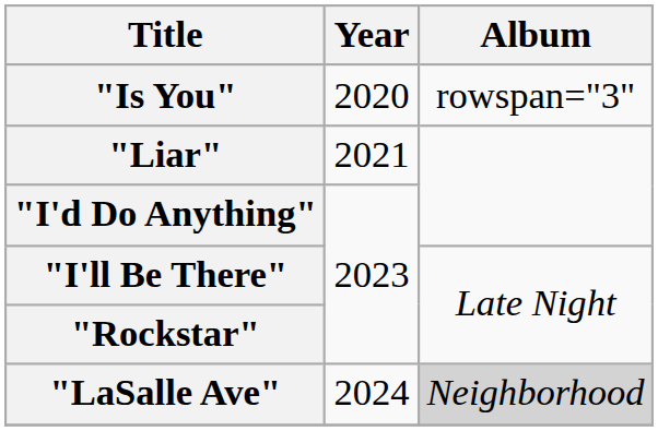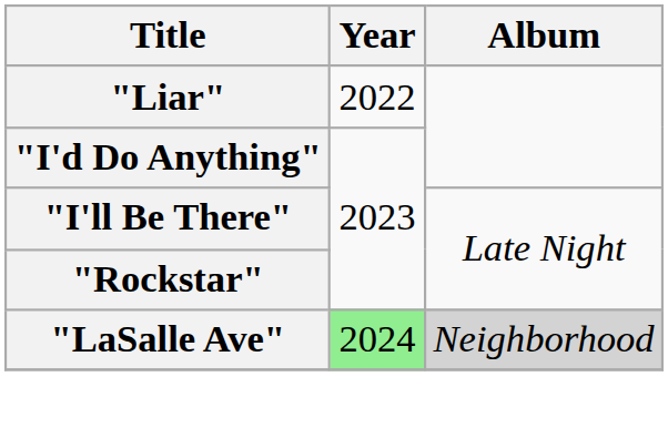 <table class="wikitable plainrowheaders" style="text-align:center">
 <tr>
 <th scope="col">Title</th>
 <th scope="col">Year</th>
 <th scope="col">Album</th>
 </tr>
 <tr>
-<th scope="row">"Is You"</th>
-<td>2020</td>
-<td>rowspan="3" </td>
-</tr>
-<tr>
 <th scope="row">"Liar"</th>
-<td>2021</td>
+<td>2022</td>
 </tr>
 <tr>
 <th scope="row">"I'd Do Anything"</th>
 <td rowspan="3">2023</td>
 </tr>
 <tr>
 <th scope="row">"I'll Be There"</th>
 <td rowspan="2"><em>Late Night</em></td>
 </tr>
 <tr>
 <th scope="row">"Rockstar"</th>
 </tr>
 <tr>
 <th scope="row">"LaSalle Ave"</th>
-<td>2024</td>
+<td style="background: lightgreen;">2024</td>
 <td style="background: lightgrey;"><em>Neighborhood</em></td>
 </tr>
 <tr>
 </tr>
 </table>
